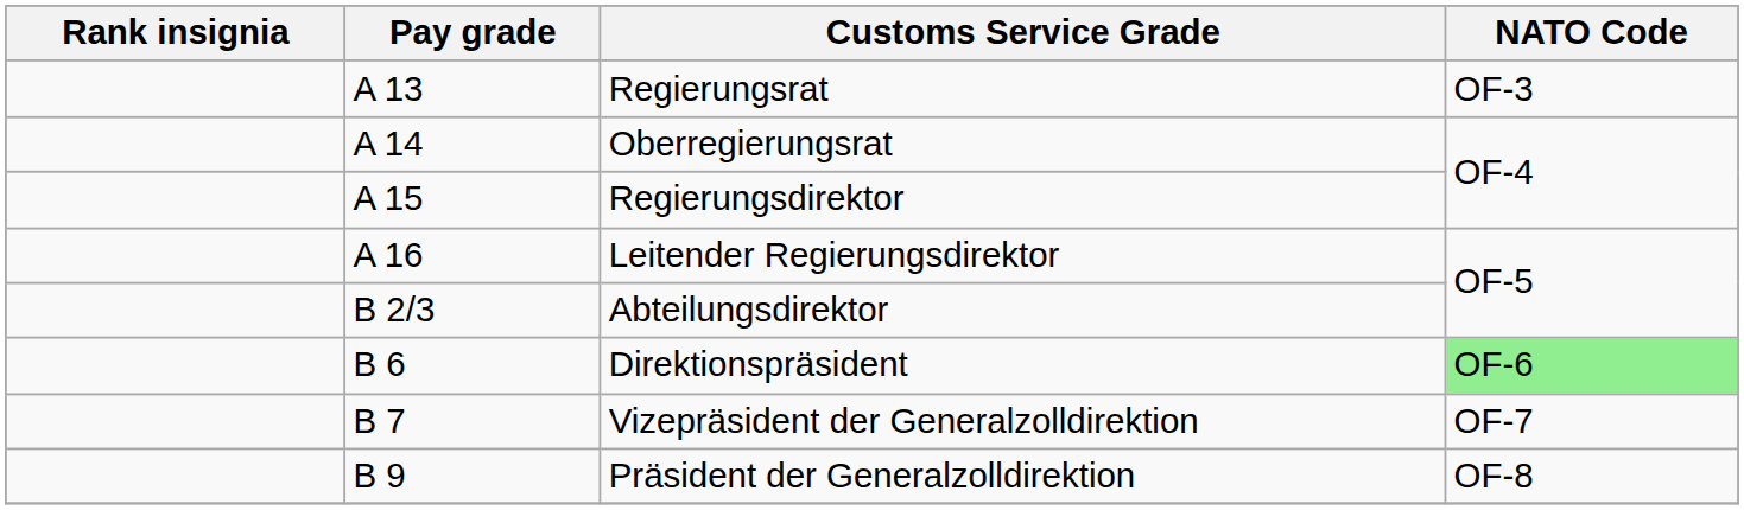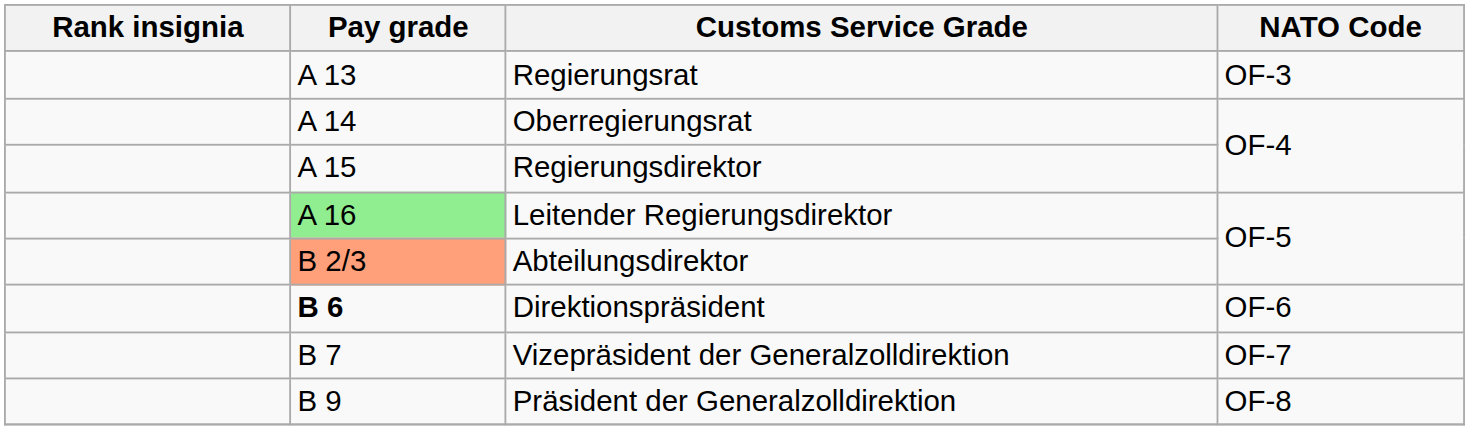 <table class="wikitable" style = "width:40%;">
 <tr>
 <th>Rank insignia</th>
 <th>Pay grade</th>
 <th>Customs Service Grade</th>
 <th>NATO Code</th>
 </tr>
 <tr>
 <td></td>
 <td>A 13</td>
 <td>Regierungsrat</td>
 <td>OF-3</td>
 </tr>
 <tr>
 <td></td>
 <td>A 14</td>
 <td>Oberregierungsrat</td>
 <td rowspan=2>OF-4</td>
 </tr>
 <tr>
 <td></td>
 <td>A 15</td>
 <td>Regierungsdirektor</td>
 </tr>
 <tr>
 <td></td>
-<td>A 16</td>
+<td style="background: lightgreen;">A 16</td>
 <td>Leitender Regierungsdirektor</td>
 <td rowspan=2>OF-5</td>
 </tr>
 <tr>
 <td></td>
-<td>B 2/3</td>
+<td style="background: lightsalmon;">B 2/3</td>
 <td>Abteilungsdirektor</td>
 </tr>
 <tr>
 <td></td>
-<td>B 6</td>
+<td><strong>B 6</strong></td>
 <td>Direktionspräsident</td>
-<td style="background: lightgreen;">OF-6</td>
+<td>OF-6</td>
 </tr>
 <tr>
 <td></td>
 <td>B 7</td>
 <td>Vizepräsident der Generalzolldirektion</td>
 <td>OF-7</td>
 </tr>
 <tr>
 <td></td>
 <td>B 9</td>
 <td>Präsident der Generalzolldirektion</td>
 <td>OF-8</td>
 </tr>
 <tr>
 </tr>
 </table>
